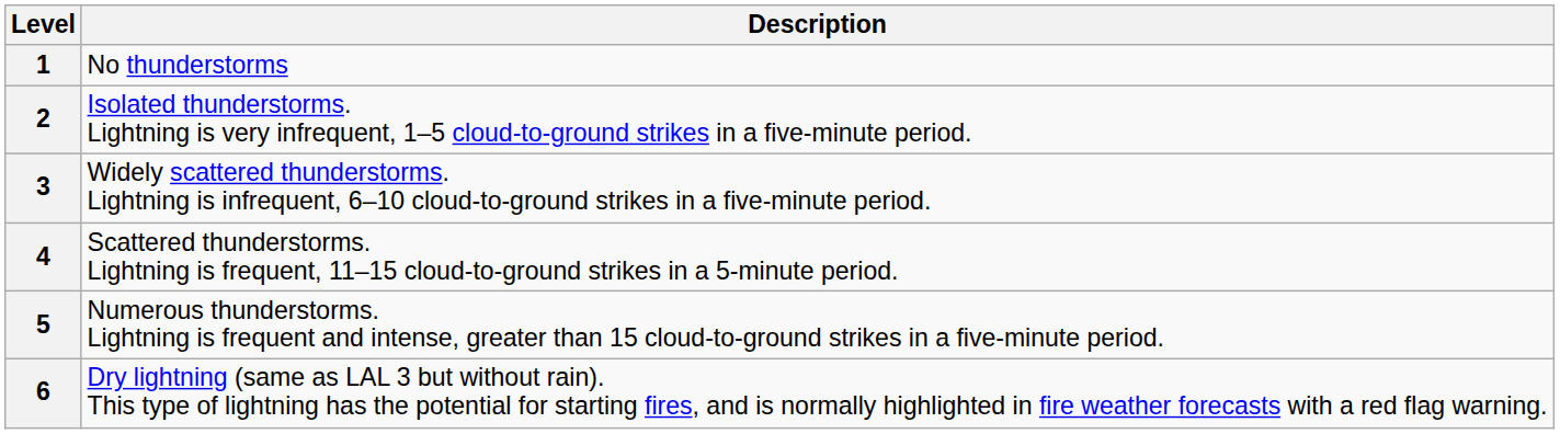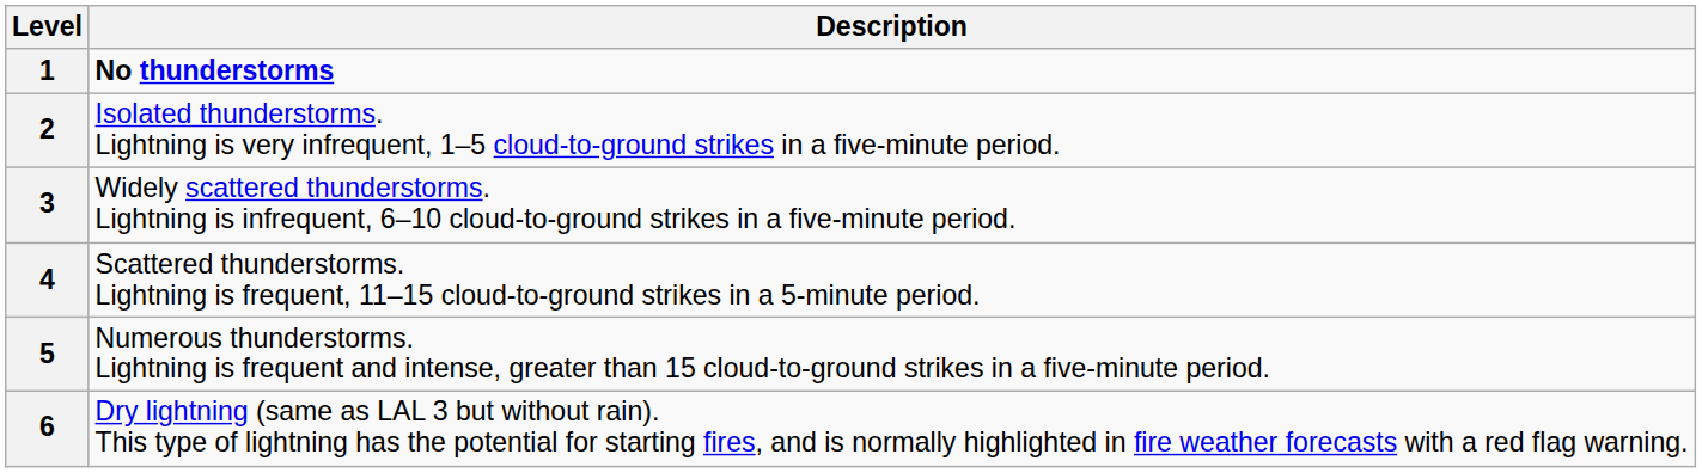 <table class="wikitable">
 <tr>
 <th>Level</th>
 <th>Description</th>
 </tr>
 <tr>
 <th>1</th>
-<td>No <a href='#'>thunderstorms</a></td>
+<td><strong>No <a href='#'>thunderstorms</a></strong></td>
 </tr>
 <tr>
 <th>2</th>
 <td><a href='#'>Isolated thunderstorms</a>. <br> Lightning is very infrequent, 1–5 <a href='#'>cloud-to-ground strikes</a> in a five-minute period.</td>
 </tr>
 <tr>
 <th>3</th>
 <td>Widely <a href='#'>scattered thunderstorms</a>. <br> Lightning is infrequent, 6–10 cloud-to-ground strikes in a five-minute period.</td>
 </tr>
 <tr>
 <th>4</th>
 <td>Scattered thunderstorms. <br> Lightning is frequent, 11–15 cloud-to-ground strikes in a 5-minute period.</td>
 </tr>
 <tr>
 <th>5</th>
 <td>Numerous thunderstorms. <br> Lightning is frequent and intense, greater than 15 cloud-to-ground strikes in a five-minute period.</td>
 </tr>
 <tr>
 <th>6</th>
 <td><a href='#'>Dry lightning</a> (same as LAL 3 but without rain). <br> This type of lightning has the potential for starting <a href='#'>fires</a>, and is normally highlighted in <a href='#'>fire weather forecasts</a> with a red flag warning.</td>
 </tr>
 </table>
